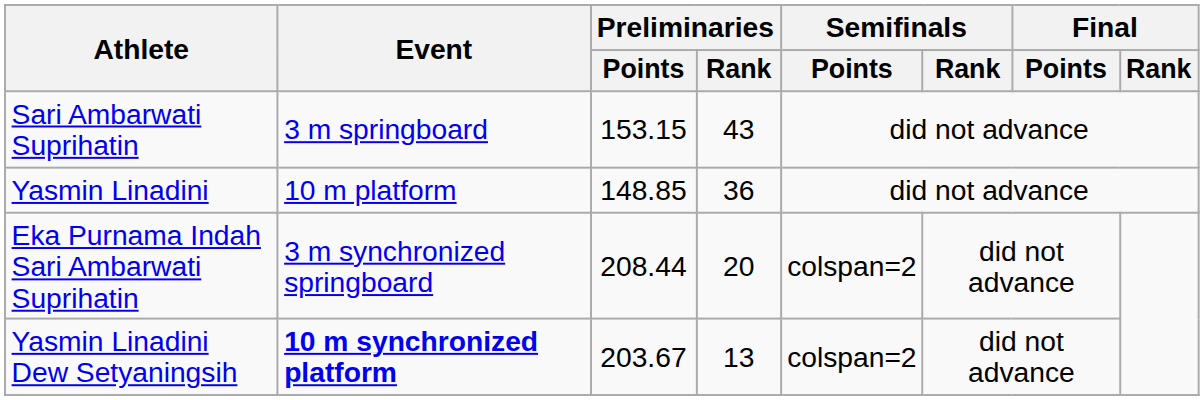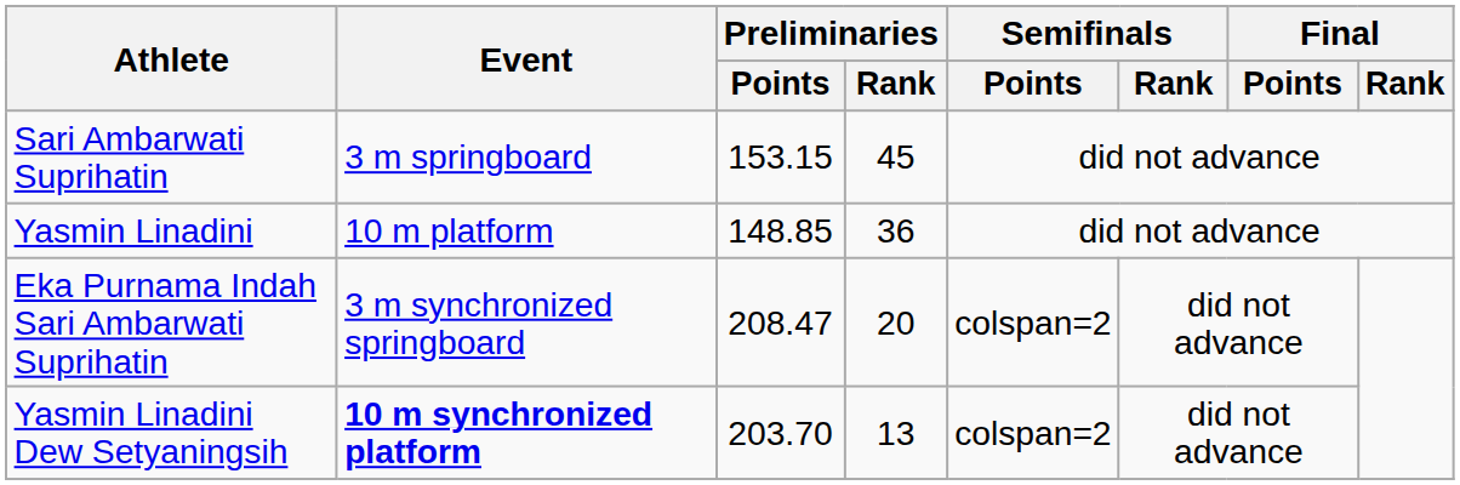 <table class=wikitable style="font-size:90%;">
 <tr>
 <th rowspan="2">Athlete</th>
 <th rowspan="2">Event</th>
 <th colspan="2">Preliminaries</th>
 <th colspan="2">Semifinals</th>
 <th colspan="2">Final</th>
 </tr>
 <tr style="font-size:95%">
 <th>Points</th>
 <th>Rank</th>
 <th>Points</th>
 <th>Rank</th>
 <th>Points</th>
 <th>Rank</th>
 </tr>
 <tr align=center>
 <td align=left><a href='#'>Sari Ambarwati Suprihatin</a></td>
 <td align=left><a href='#'>3 m springboard</a></td>
 <td>153.15</td>
-<td>43</td>
+<td>45</td>
 <td colspan=4>did not advance</td>
 </tr>
 <tr align=center>
 <td align=left><a href='#'>Yasmin Linadini</a></td>
 <td align=left><a href='#'>10 m platform</a></td>
 <td>148.85</td>
 <td>36</td>
 <td colspan=4>did not advance</td>
 </tr>
 <tr align=center>
 <td align=left><a href='#'>Eka Purnama Indah</a><br><a href='#'>Sari Ambarwati Suprihatin</a></td>
 <td align=left><a href='#'>3 m synchronized springboard</a></td>
-<td>208.44</td>
+<td>208.47</td>
 <td>20</td>
 <td>colspan=2 </td>
 <td colspan=2>did not advance</td>
 </tr>
 <tr align=center>
 <td align=left><a href='#'>Yasmin Linadini</a><br><a href='#'>Dew Setyaningsih</a></td>
 <td align=left><strong><a href='#'>10 m synchronized platform</a></strong></td>
-<td>203.67</td>
+<td>203.70</td>
 <td>13</td>
 <td>colspan=2 </td>
 <td colspan=2>did not advance</td>
 </tr>
 </table>
